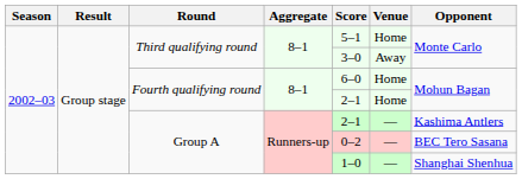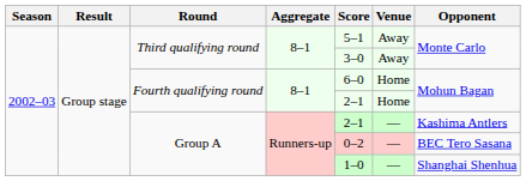 <table class="wikitable" style="text-align:center;">
 <tr>
 <th>Season</th>
 <th>Result</th>
 <th>Round</th>
 <th>Aggregate</th>
 <th>Score</th>
 <th>Venue</th>
 <th>Opponent</th>
 </tr>
 <tr>
 <td rowspan="7"><a href='#'>2002–03</a></td>
 <td rowspan="7">Group stage</td>
 <td rowspan="2"><em>Third qualifying round</em></td>
 <td rowspan="2" style="background:#efe">8–1</td>
 <td style="background:#efe">5–1</td>
-<td style="background:#efe">Home</td>
+<td style="background:#efe">Away</td>
 <td rowspan="2" align="left"> <a href='#'>Monte Carlo</a></td>
 </tr>
 <tr>
 <td style="background:#efe">3–0</td>
 <td style="background:#efe">Away</td>
 </tr>
 <tr>
 <td rowspan="2"><em>Fourth qualifying round</em></td>
 <td rowspan="2" style="background:#efe">8–1</td>
 <td style="background:#efe">6–0</td>
 <td style="background:#efe">Home</td>
 <td rowspan="2" align="left"> <a href='#'>Mohun Bagan</a></td>
 </tr>
 <tr>
 <td style="background:#efe">2–1</td>
 <td style="background:#efe">Home</td>
 </tr>
 <tr>
 <td rowspan="3">Group A</td>
 <td rowspan="3" style="background:#fcc">Runners-up</td>
 <td style="background:#cfc">2–1</td>
 <td style="background:#cfc">—</td>
 <td align="left"> <a href='#'>Kashima Antlers</a></td>
 </tr>
 <tr>
 <td style="background:#fcc">0–2</td>
 <td style="background:#fcc">—</td>
 <td align="left"> <a href='#'>BEC Tero Sasana</a></td>
 </tr>
 <tr>
 <td style="background:#cfc">1–0</td>
 <td style="background:#cfc">—</td>
 <td align="left"> <a href='#'>Shanghai Shenhua</a></td>
 </tr>
 </table>
